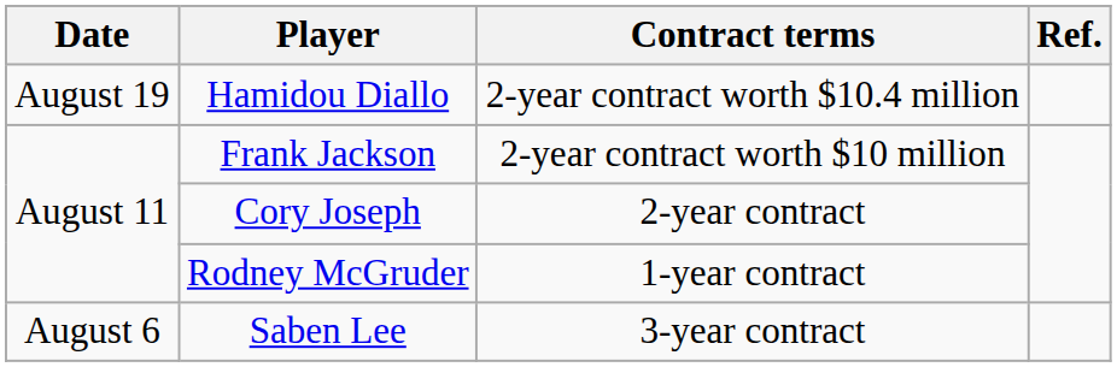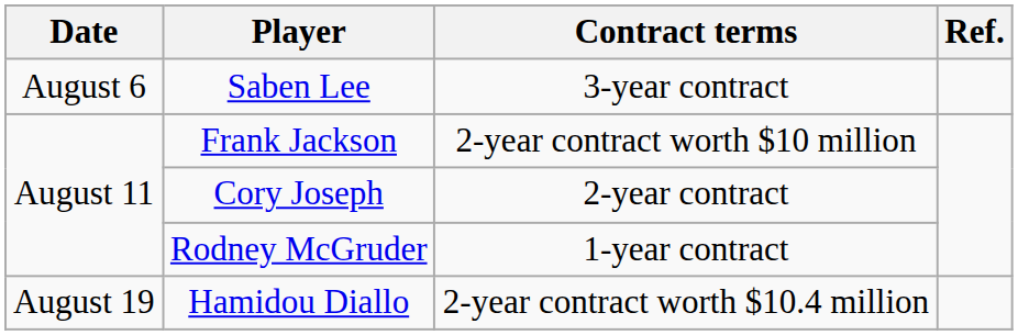 <table class="wikitable sortable sortable" style="text-align: center">
 <tr>
 <th>Date</th>
 <th>Player</th>
 <th>Contract terms</th>
 <th>Ref.</th>
 </tr>
 <tr>
-<td>August 19</td>
-<td><a href='#'>Hamidou Diallo</a></td>
-<td>2-year contract worth $10.4 million</td>
+<td>August 6</td>
+<td><a href='#'>Saben Lee</a></td>
+<td>3-year contract</td>
 <td></td>
 </tr>
 <tr>
 <td rowspan="3">August 11</td>
 <td><a href='#'>Frank Jackson</a></td>
 <td>2-year contract worth $10 million</td>
 <td rowspan="3"></td>
 </tr>
 <tr>
 <td><a href='#'>Cory Joseph</a></td>
 <td>2-year contract</td>
 </tr>
 <tr>
 <td><a href='#'>Rodney McGruder</a></td>
 <td>1-year contract</td>
 </tr>
 <tr>
-<td>August 6</td>
-<td><a href='#'>Saben Lee</a></td>
-<td>3-year contract</td>
+<td>August 19</td>
+<td><a href='#'>Hamidou Diallo</a></td>
+<td>2-year contract worth $10.4 million</td>
 <td></td>
 </tr>
 </table>
